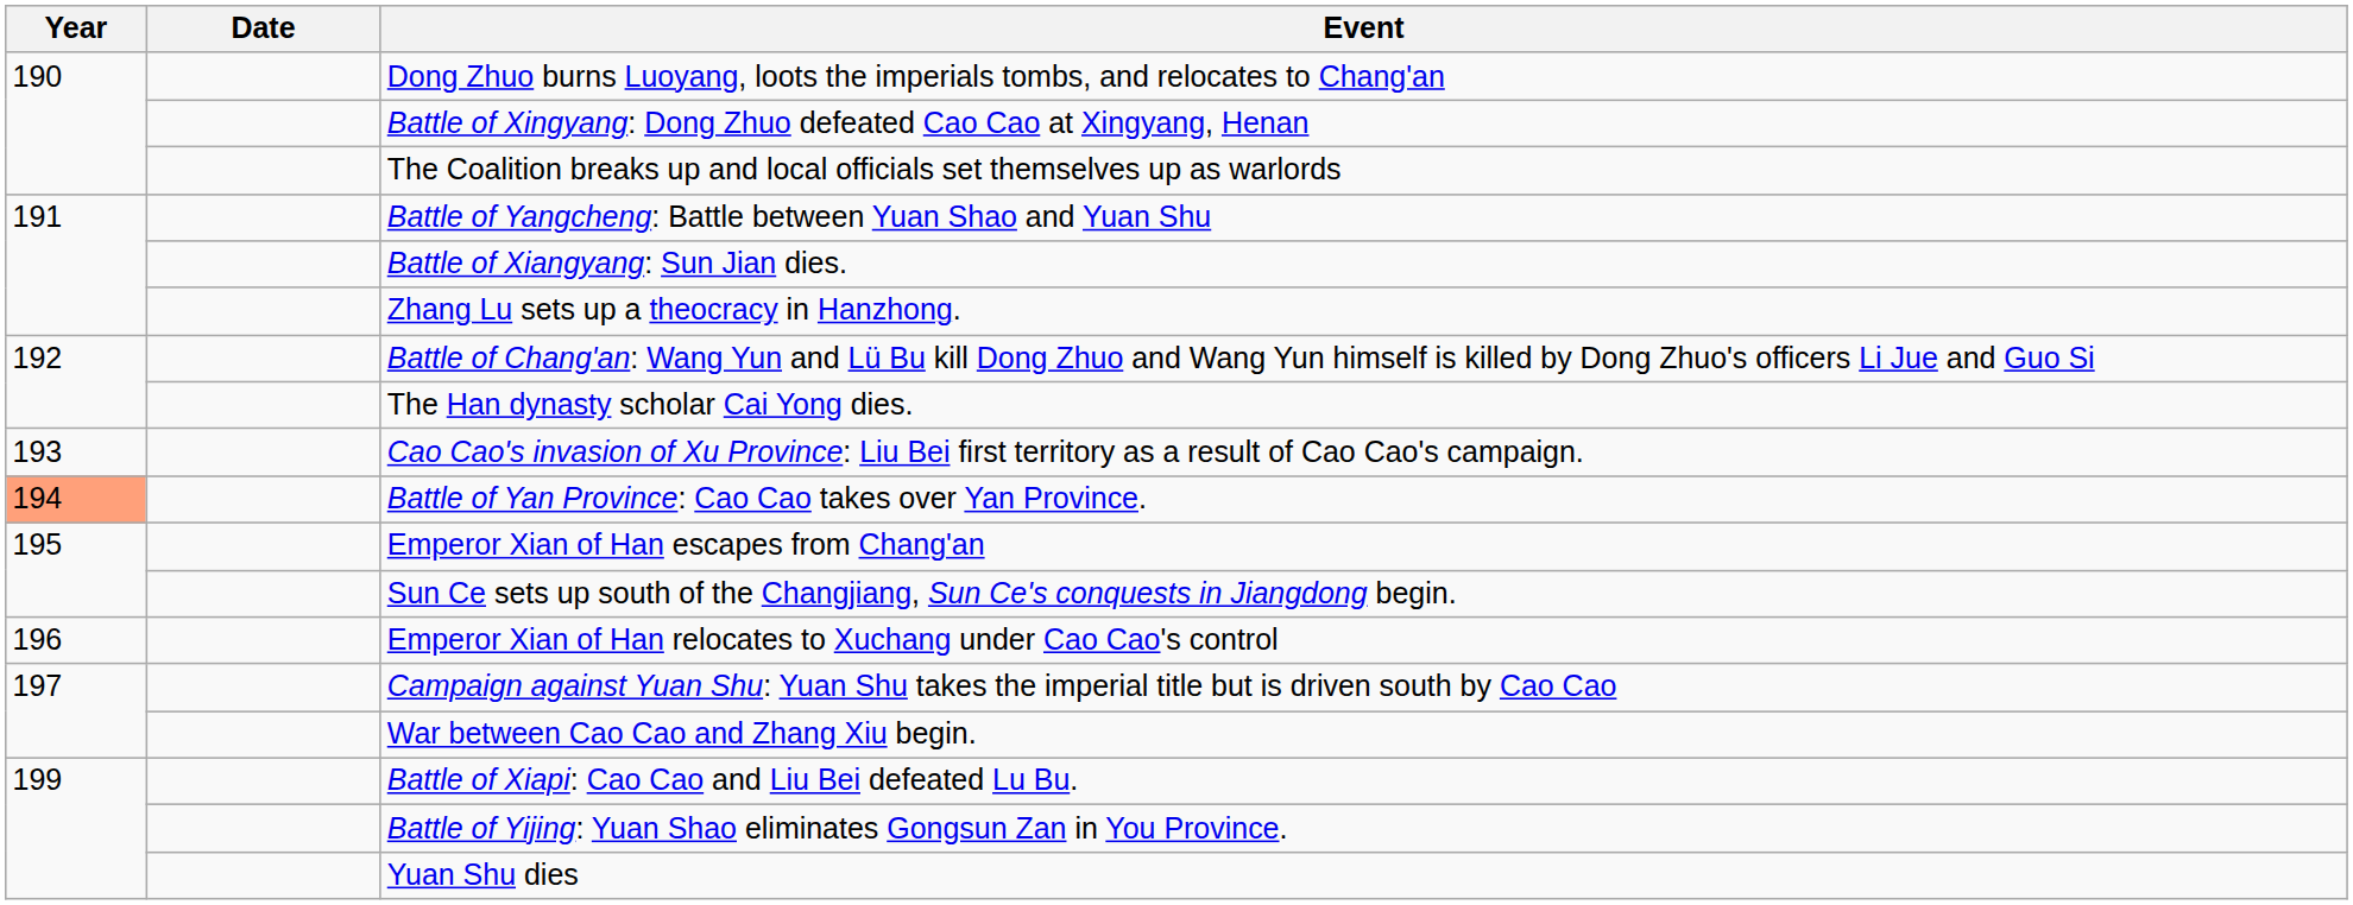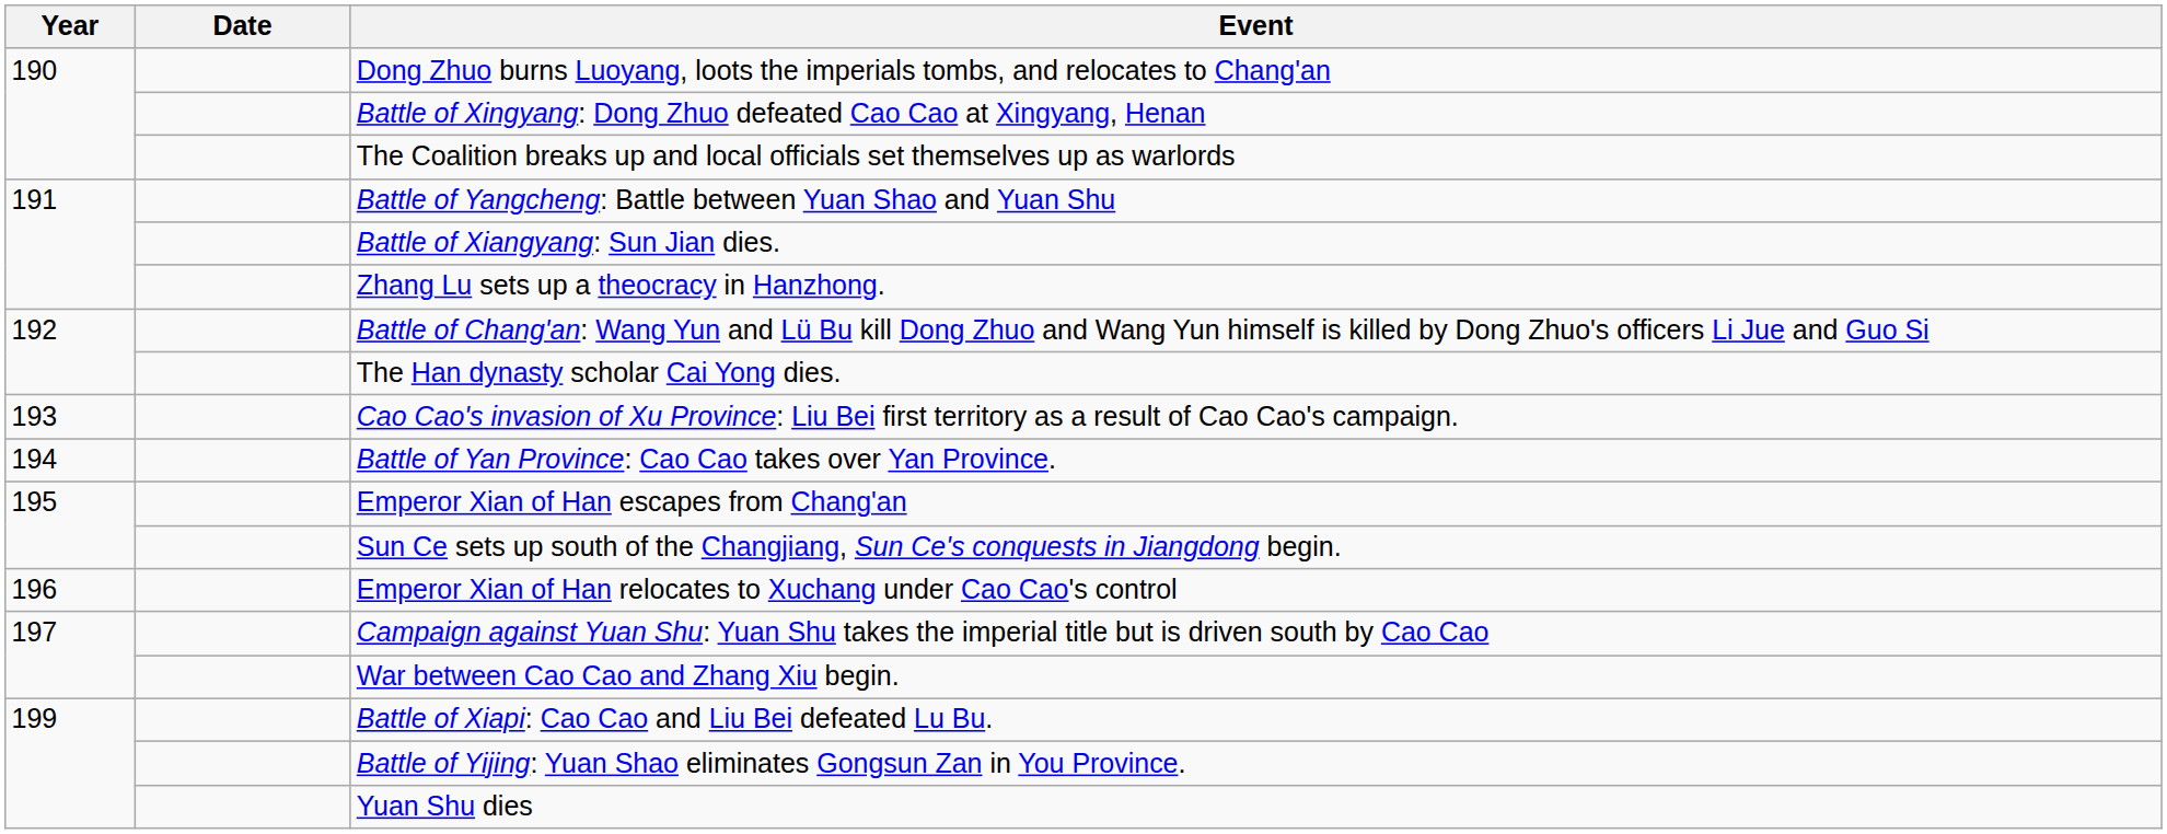 <table class="wikitable" style="width:100%;">
 <tr>
 <th style="width:6%">Year</th>
 <th style="width:10%">Date</th>
 <th>Event</th>
 </tr>
 <tr>
 <td rowspan="3" style="vertical-align:top;">190</td>
 <td></td>
 <td><a href='#'>Dong Zhuo</a> burns <a href='#'>Luoyang</a>, loots the imperials tombs, and relocates to <a href='#'>Chang'an</a></td>
 </tr>
 <tr>
 <td></td>
 <td><em><a href='#'>Battle of Xingyang</a></em>: <a href='#'>Dong Zhuo</a> defeated <a href='#'>Cao Cao</a> at <a href='#'>Xingyang</a>, <a href='#'>Henan</a></td>
 </tr>
 <tr>
 <td></td>
 <td>The Coalition breaks up and local officials set themselves up as warlords</td>
 </tr>
 <tr>
 <td rowspan="3" style="vertical-align:top;">191</td>
 <td></td>
 <td><em><a href='#'>Battle of Yangcheng</a></em>: Battle between <a href='#'>Yuan Shao</a> and <a href='#'>Yuan Shu</a></td>
 </tr>
 <tr>
 <td></td>
 <td><em><a href='#'>Battle of Xiangyang</a></em>: <a href='#'>Sun Jian</a> dies.</td>
 </tr>
 <tr>
 <td></td>
 <td><a href='#'>Zhang Lu</a> sets up a <a href='#'>theocracy</a> in <a href='#'>Hanzhong</a>.</td>
 </tr>
 <tr>
 <td rowspan="2" style="vertical-align:top;">192</td>
 <td></td>
 <td><em><a href='#'>Battle of Chang'an</a></em>: <a href='#'>Wang Yun</a> and <a href='#'>Lü Bu</a> kill <a href='#'>Dong Zhuo</a> and Wang Yun himself is killed by Dong Zhuo's officers <a href='#'>Li Jue</a> and <a href='#'>Guo Si</a></td>
 </tr>
 <tr>
 <td></td>
 <td>The <a href='#'>Han dynasty</a> scholar <a href='#'>Cai Yong</a> dies.</td>
 </tr>
 <tr>
 <td>193</td>
 <td></td>
 <td><em><a href='#'>Cao Cao's invasion of Xu Province</a></em>: <a href='#'>Liu Bei</a> first territory as a result of Cao Cao's campaign.</td>
 </tr>
 <tr>
-<td style="background: lightsalmon;">194</td>
+<td>194</td>
 <td></td>
 <td><em><a href='#'>Battle of Yan Province</a></em>: <a href='#'>Cao Cao</a> takes over <a href='#'>Yan Province</a>.</td>
 </tr>
 <tr>
 <td rowspan="2" style="vertical-align:top;">195</td>
 <td></td>
 <td><a href='#'>Emperor Xian of Han</a> escapes from <a href='#'>Chang'an</a></td>
 </tr>
 <tr>
 <td></td>
 <td><a href='#'>Sun Ce</a> sets up south of the <a href='#'>Changjiang</a>, <em><a href='#'>Sun Ce's conquests in Jiangdong</a></em> begin.</td>
 </tr>
 <tr>
 <td>196</td>
 <td></td>
 <td><a href='#'>Emperor Xian of Han</a> relocates to <a href='#'>Xuchang</a> under <a href='#'>Cao Cao</a>'s control</td>
 </tr>
 <tr>
 <td rowspan="2" style="vertical-align:top;">197</td>
 <td></td>
 <td><em><a href='#'>Campaign against Yuan Shu</a></em>: <a href='#'>Yuan Shu</a> takes the imperial title but is driven south by <a href='#'>Cao Cao</a></td>
 </tr>
 <tr>
 <td></td>
 <td><a href='#'>War between Cao Cao and Zhang Xiu</a> begin.</td>
 </tr>
 <tr>
 <td rowspan="3" style="vertical-align:top;">199</td>
 <td></td>
 <td><em><a href='#'>Battle of Xiapi</a></em>: <a href='#'>Cao Cao</a> and <a href='#'>Liu Bei</a> defeated <a href='#'>Lu Bu</a>.</td>
 </tr>
 <tr>
 <td></td>
 <td><em><a href='#'>Battle of Yijing</a></em>: <a href='#'>Yuan Shao</a> eliminates <a href='#'>Gongsun Zan</a> in <a href='#'>You Province</a>.</td>
 </tr>
 <tr>
 <td></td>
 <td><a href='#'>Yuan Shu</a> dies</td>
 </tr>
 </table>
